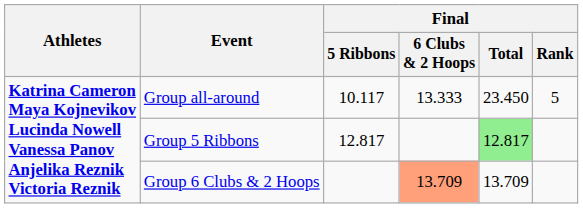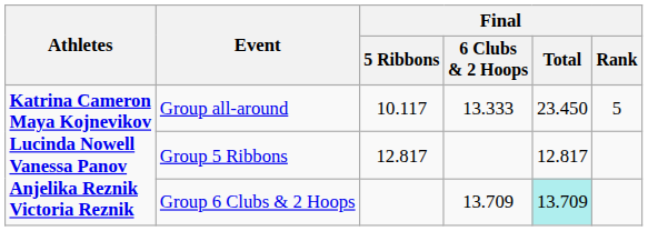 <table class="wikitable" style="font-size:90%">
 <tr>
 <th rowspan=2>Athletes</th>
 <th rowspan=2>Event</th>
 <th colspan=4>Final</th>
 </tr>
 <tr style="font-size:95%">
 <th>5 Ribbons</th>
 <th>6 Clubs<br>& 2 Hoops</th>
 <th>Total</th>
 <th>Rank</th>
 </tr>
 <tr align=center>
 <td align=left rowspan=3><strong><a href='#'>Katrina Cameron</a><br><a href='#'>Maya Kojnevikov</a><br><a href='#'>Lucinda Nowell</a><br><a href='#'>Vanessa Panov</a><br><a href='#'>Anjelika Reznik</a><br><a href='#'>Victoria Reznik</a></strong></td>
 <td align=left><a href='#'>Group all-around</a></td>
 <td>10.117</td>
 <td>13.333</td>
 <td>23.450</td>
 <td>5</td>
 </tr>
 <tr align=center>
 <td align=left><a href='#'>Group 5 Ribbons</a></td>
 <td>12.817</td>
 <td></td>
-<td style="background: lightgreen;">12.817</td>
+<td>12.817</td>
 <td></td>
 </tr>
 <tr align=center>
 <td align=left><a href='#'>Group 6 Clubs & 2 Hoops</a></td>
 <td></td>
-<td style="background: lightsalmon;">13.709</td>
 <td>13.709</td>
+<td style="background: paleturquoise;">13.709</td>
 <td></td>
 </tr>
 </table>
